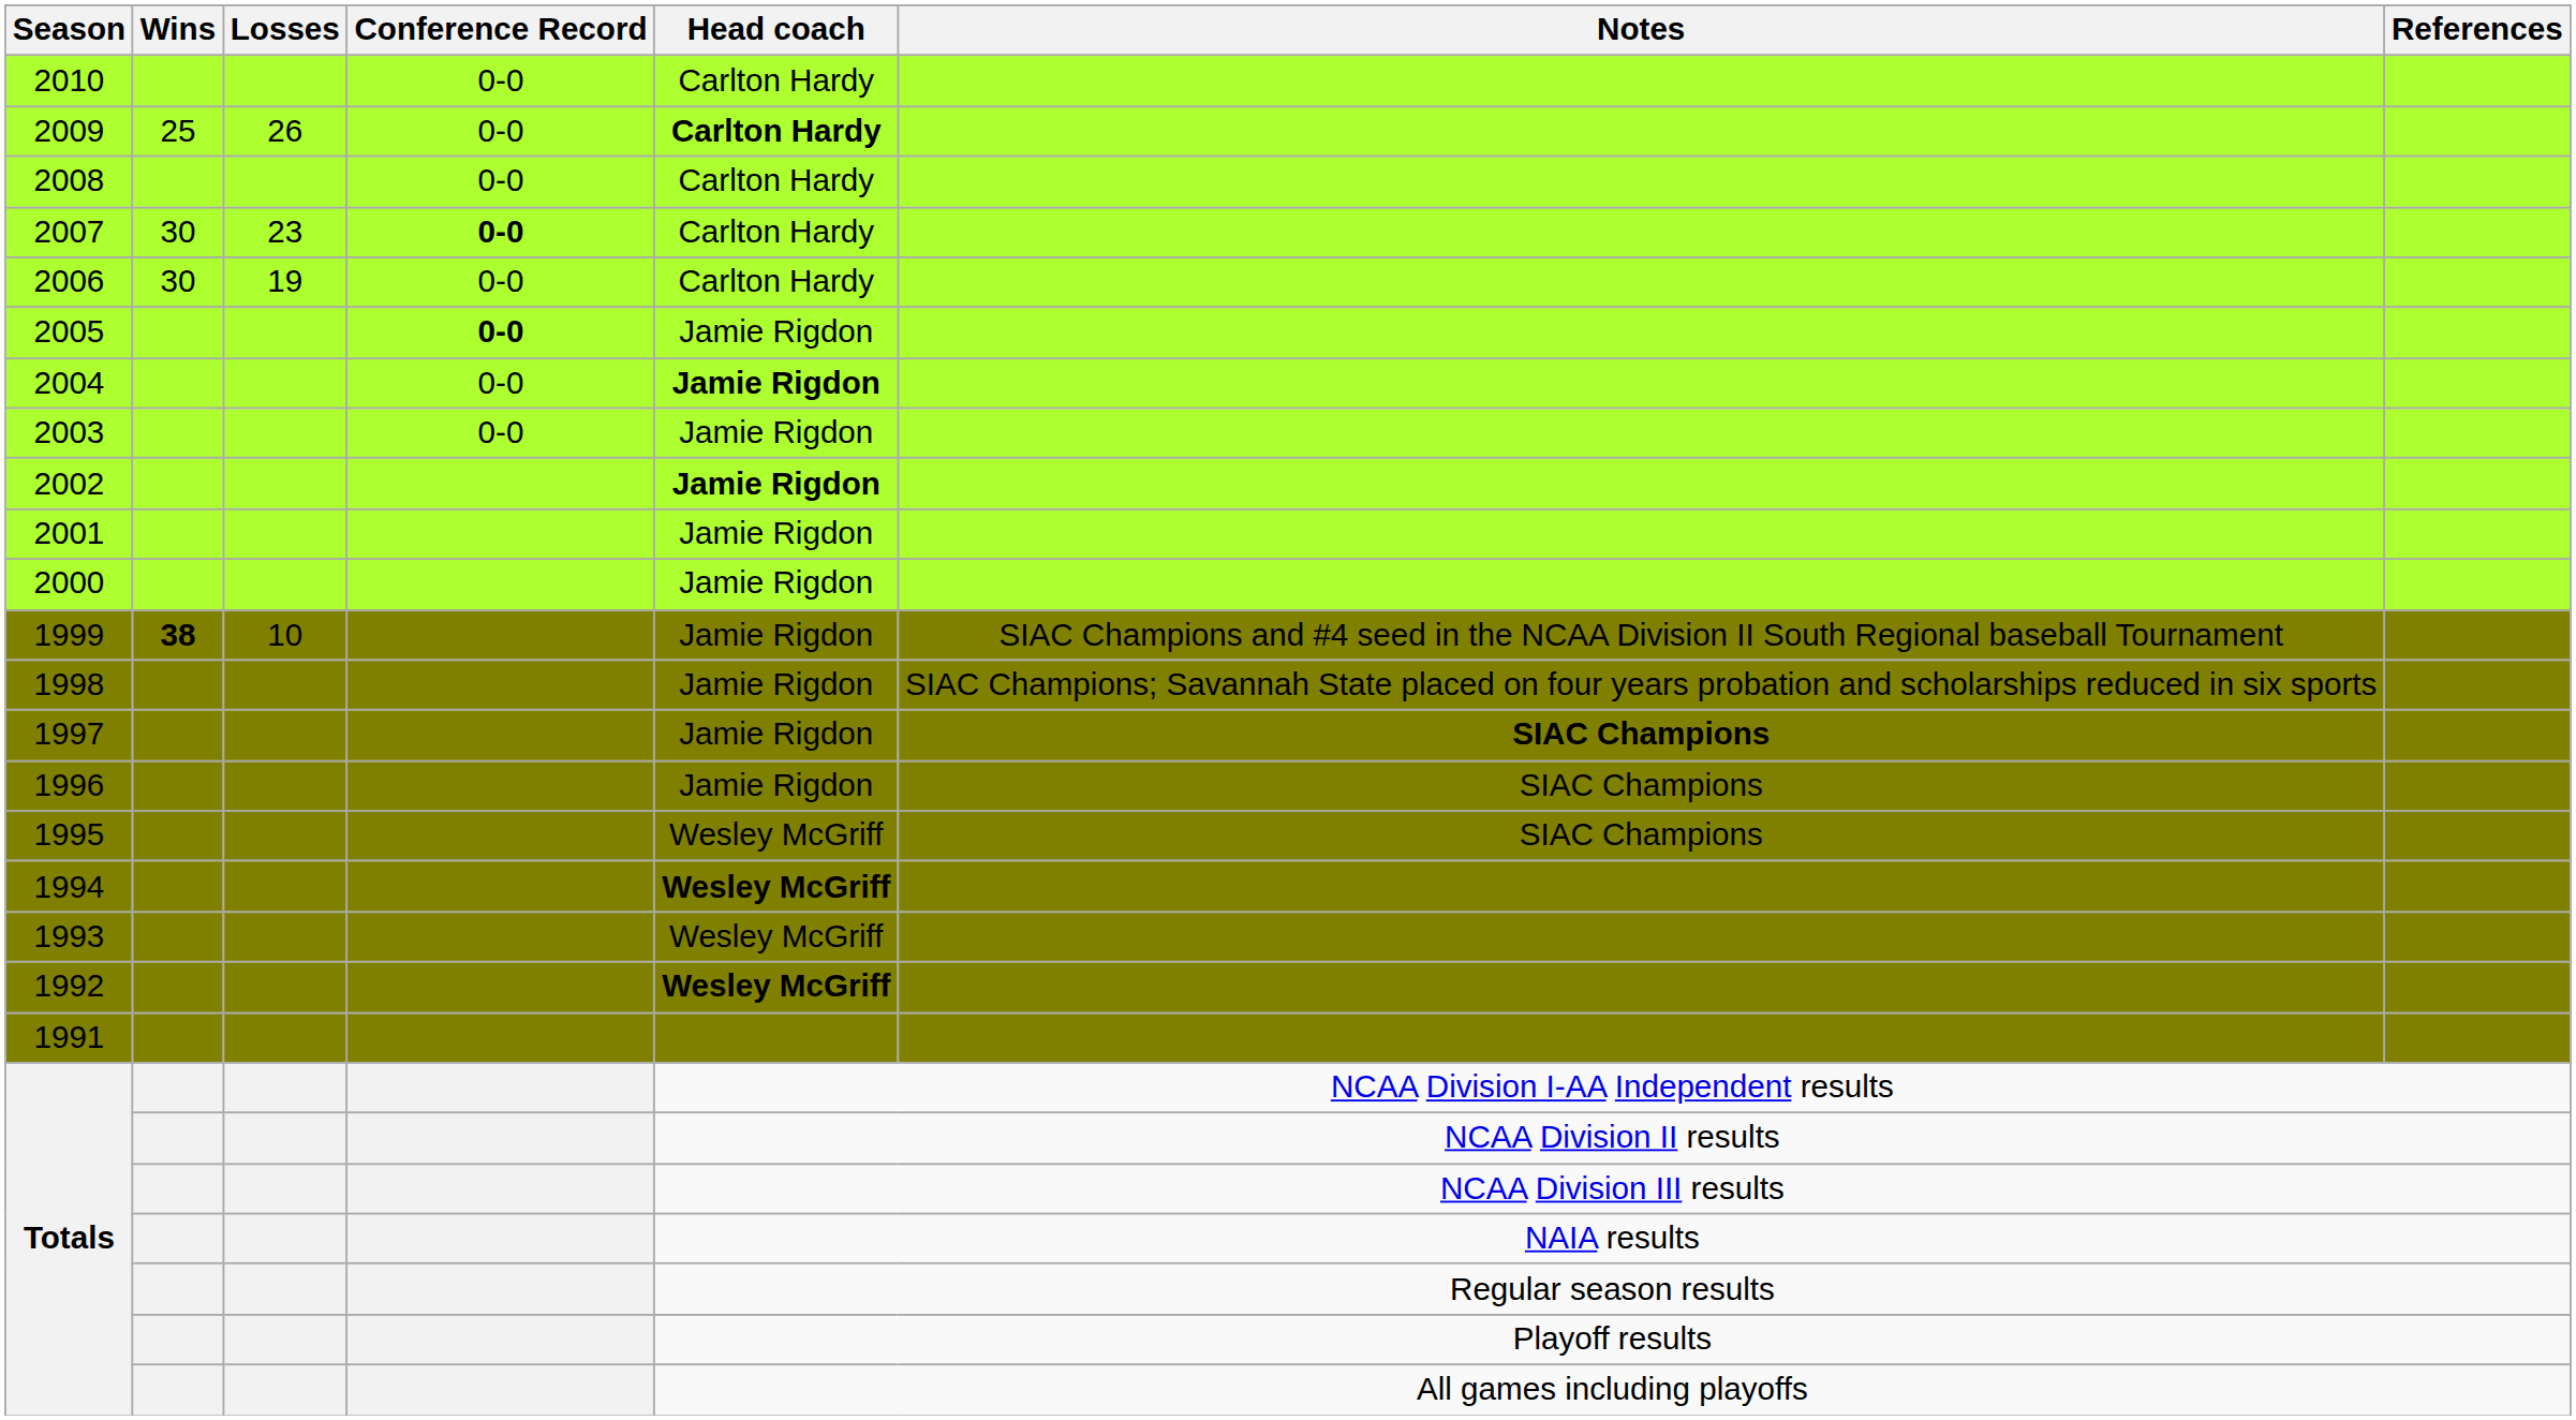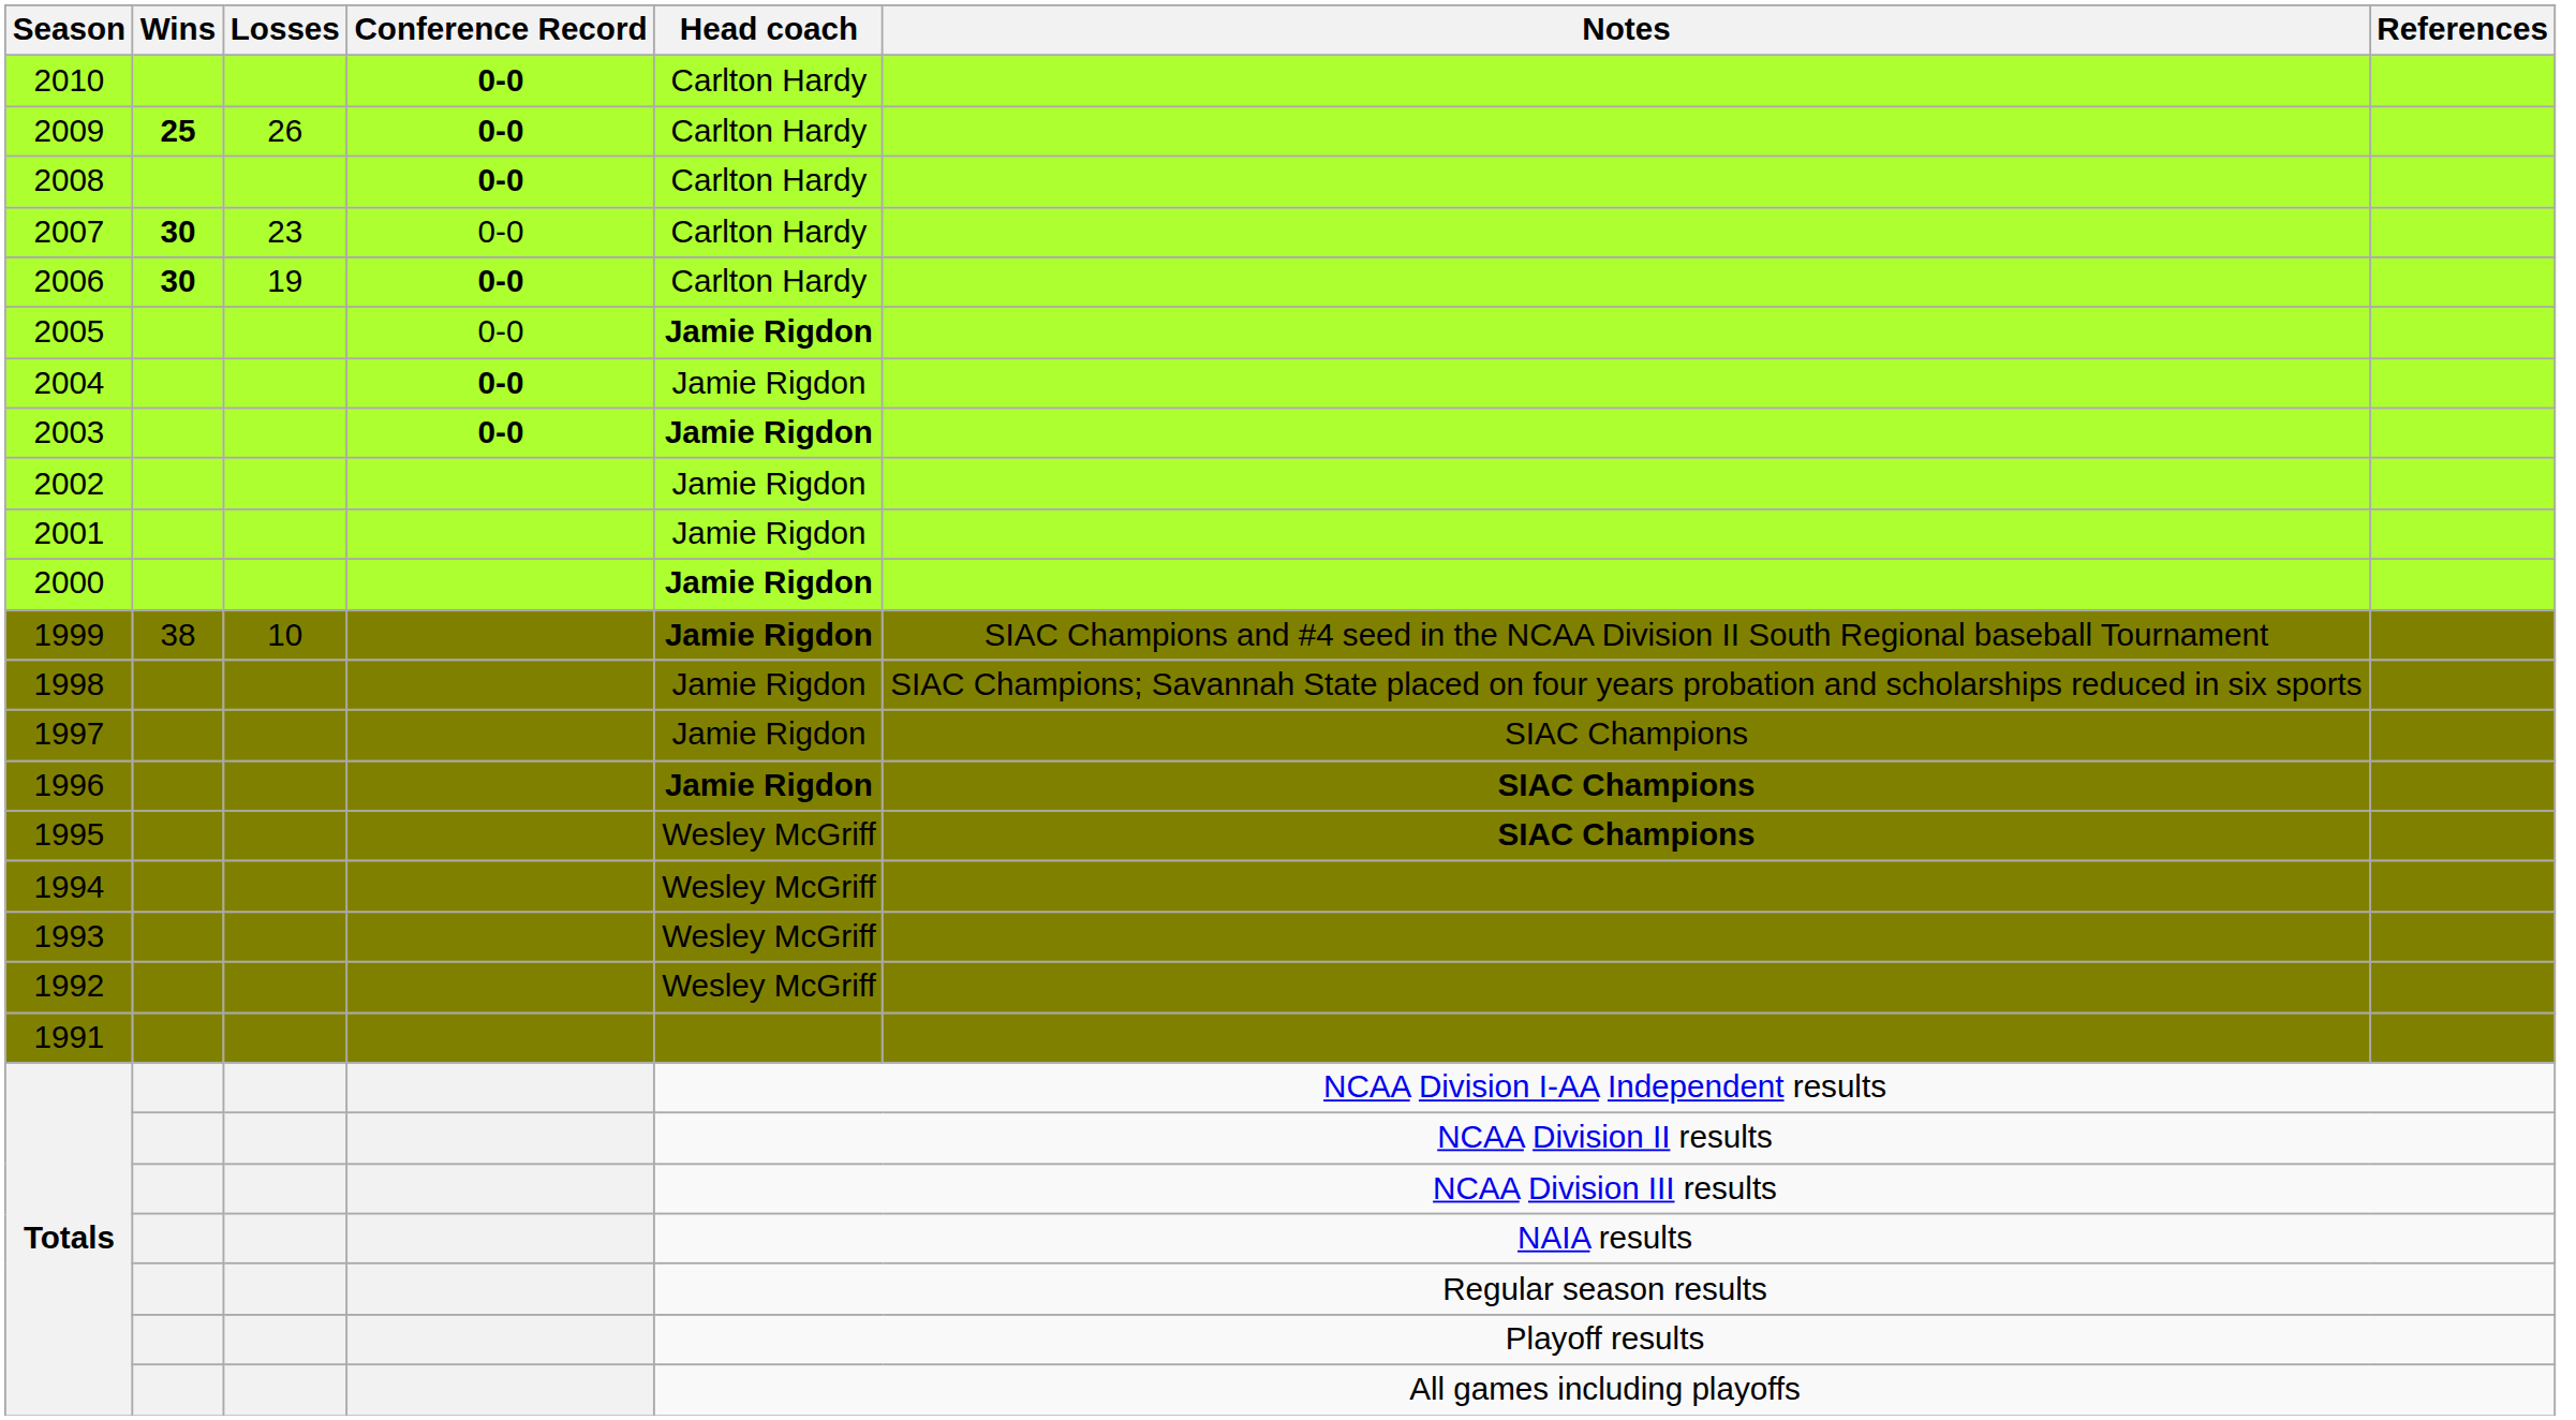 <table class="wikitable collapsible collapsed sortable" style="text-align:center">
 <tr>
 <th>Season</th>
 <th>Wins</th>
 <th>Losses</th>
 <th>Conference Record</th>
 <th>Head coach</th>
 <th>Notes</th>
 <th>References</th>
 </tr>
 <tr style="background-color: #ADFF2F">
 <td>2010</td>
 <td></td>
 <td></td>
-<td>0-0</td>
+<td><strong>0-0</strong></td>
 <td>Carlton Hardy</td>
 <td></td>
 <td></td>
 </tr>
 <tr style="background-color: #ADFF2F">
 <td>2009</td>
-<td>25</td>
+<td><strong>25</strong></td>
 <td>26</td>
-<td>0-0</td>
-<td><strong>Carlton Hardy</strong></td>
+<td><strong>0-0</strong></td>
+<td>Carlton Hardy</td>
 <td></td>
 <td></td>
 </tr>
 <tr style="background-color: #ADFF2F">
 <td>2008</td>
 <td></td>
 <td></td>
+<td><strong>0-0</strong></td>
+<td>Carlton Hardy</td>
+<td></td>
+<td></td>
+</tr>
+<tr style="background-color: #ADFF2F">
+<td>2007</td>
+<td><strong>30</strong></td>
+<td>23</td>
 <td>0-0</td>
 <td>Carlton Hardy</td>
 <td></td>
 <td></td>
 </tr>
 <tr style="background-color: #ADFF2F">
-<td>2007</td>
-<td>30</td>
-<td>23</td>
+<td>2006</td>
+<td><strong>30</strong></td>
+<td>19</td>
 <td><strong>0-0</strong></td>
-<td>Carlton Hardy</td>
-<td></td>
-<td></td>
-</tr>
-<tr style="background-color: #ADFF2F">
-<td>2006</td>
-<td>30</td>
-<td>19</td>
-<td>0-0</td>
 <td>Carlton Hardy</td>
 <td></td>
 <td></td>
 </tr>
 <tr style="background-color: #ADFF2F">
 <td>2005</td>
 <td></td>
 <td></td>
-<td><strong>0-0</strong></td>
-<td>Jamie Rigdon</td>
+<td>0-0</td>
+<td><strong>Jamie Rigdon</strong></td>
 <td></td>
 <td></td>
 </tr>
 <tr style="background-color: #ADFF2F">
 <td>2004</td>
 <td></td>
 <td></td>
-<td>0-0</td>
-<td><strong>Jamie Rigdon</strong></td>
+<td><strong>0-0</strong></td>
+<td>Jamie Rigdon</td>
 <td></td>
 <td></td>
 </tr>
 <tr style="background-color: #ADFF2F">
 <td>2003</td>
 <td></td>
 <td></td>
-<td>0-0</td>
-<td>Jamie Rigdon</td>
+<td><strong>0-0</strong></td>
+<td><strong>Jamie Rigdon</strong></td>
 <td></td>
 <td></td>
 </tr>
 <tr style="background-color: #ADFF2F">
 <td>2002</td>
 <td></td>
 <td></td>
 <td></td>
-<td><strong>Jamie Rigdon</strong></td>
+<td>Jamie Rigdon</td>
 <td></td>
 <td></td>
 </tr>
 <tr style="background-color: #ADFF2F">
 <td>2001</td>
 <td></td>
 <td></td>
 <td></td>
 <td>Jamie Rigdon</td>
 <td></td>
 <td></td>
 </tr>
 <tr style="background-color: #ADFF2F">
 <td>2000</td>
 <td></td>
 <td></td>
 <td></td>
-<td>Jamie Rigdon</td>
+<td><strong>Jamie Rigdon</strong></td>
 <td></td>
 <td></td>
 </tr>
 <tr style="background-color: #808000">
 <td>1999</td>
-<td><strong>38</strong></td>
+<td>38</td>
 <td>10</td>
 <td></td>
-<td>Jamie Rigdon</td>
+<td><strong>Jamie Rigdon</strong></td>
 <td>SIAC Champions and #4 seed in the NCAA Division II South Regional baseball Tournament</td>
 <td></td>
 </tr>
 <tr style="background-color: #808000">
 <td>1998</td>
 <td></td>
 <td></td>
 <td></td>
 <td>Jamie Rigdon</td>
 <td>SIAC Champions; Savannah State placed on four years probation and scholarships reduced in six sports</td>
 <td></td>
 </tr>
 <tr style="background-color: #808000">
 <td>1997</td>
 <td></td>
 <td></td>
 <td></td>
 <td>Jamie Rigdon</td>
-<td><strong>SIAC Champions</strong></td>
+<td>SIAC Champions</td>
 <td></td>
 </tr>
 <tr style="background-color: #808000">
 <td>1996</td>
 <td></td>
 <td></td>
 <td></td>
-<td>Jamie Rigdon</td>
-<td>SIAC Champions</td>
+<td><strong>Jamie Rigdon</strong></td>
+<td><strong>SIAC Champions</strong></td>
 <td></td>
 </tr>
 <tr style="background-color: #808000">
 <td>1995</td>
 <td></td>
 <td></td>
 <td></td>
 <td>Wesley McGriff</td>
-<td>SIAC Champions</td>
+<td><strong>SIAC Champions</strong></td>
 <td></td>
 </tr>
 <tr style="background-color: #808000">
 <td>1994</td>
 <td></td>
 <td></td>
 <td></td>
-<td><strong>Wesley McGriff</strong></td>
+<td>Wesley McGriff</td>
 <td></td>
 <td></td>
 </tr>
 <tr style="background-color: #808000">
 <td>1993</td>
 <td></td>
 <td></td>
 <td></td>
 <td>Wesley McGriff</td>
 <td></td>
 <td></td>
 </tr>
 <tr style="background-color: #808000">
 <td>1992</td>
 <td></td>
 <td></td>
 <td></td>
-<td><strong>Wesley McGriff</strong></td>
+<td>Wesley McGriff</td>
 <td></td>
 <td></td>
 </tr>
 <tr style="background-color: #808000">
 <td>1991</td>
 <td></td>
 <td></td>
 <td></td>
 <td></td>
 <td></td>
 <td></td>
 </tr>
 <tr>
 <th rowspan="7">Totals</th>
 <th></th>
 <th></th>
 <th></th>
 <td colspan="4"><a href='#'>NCAA</a> <a href='#'>Division I-AA</a> <a href='#'>Independent</a> results </td>
 </tr>
 <tr>
 <th></th>
 <th></th>
 <th></th>
 <td colspan="4"><a href='#'>NCAA</a> <a href='#'>Division II</a> results</td>
 </tr>
 <tr>
 <th></th>
 <th></th>
 <th></th>
 <td colspan="4"><a href='#'>NCAA</a> <a href='#'>Division III</a> results</td>
 </tr>
 <tr>
 <th></th>
 <th></th>
 <th></th>
 <td colspan="4"><a href='#'>NAIA</a> results</td>
 </tr>
 <tr>
 <th></th>
 <th></th>
 <th></th>
 <td colspan="4">Regular season results</td>
 </tr>
 <tr>
 <th></th>
 <th></th>
 <th></th>
 <td colspan="4">Playoff results</td>
 </tr>
 <tr>
 <th></th>
 <th></th>
 <th></th>
 <td colspan="4">All games including playoffs </td>
 </tr>
 </table>
